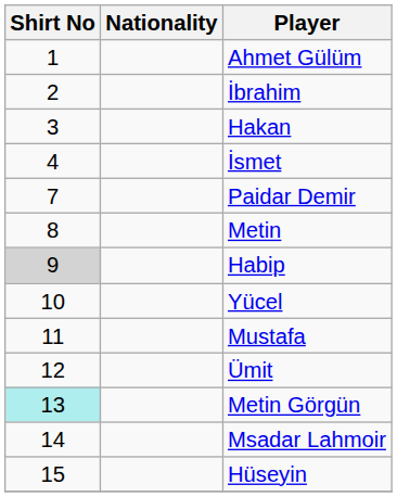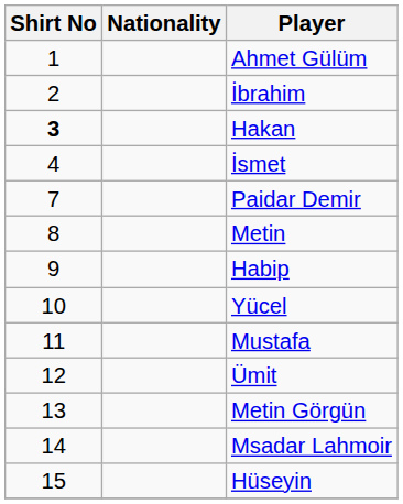 <table class=wikitable style="font-size:95%;">
 <tr>
 <th>Shirt No</th>
 <th>Nationality</th>
 <th>Player</th>
 </tr>
 <tr>
 <td align=center>1</td>
 <td></td>
 <td><a href='#'>Ahmet Gülüm</a></td>
 </tr>
 <tr>
 <td align=center>2</td>
 <td></td>
 <td><a href='#'>İbrahim</a></td>
 </tr>
 <tr>
-<td align=center>3</td>
+<td align=center><strong>3</strong></td>
 <td></td>
 <td><a href='#'>Hakan</a></td>
 </tr>
 <tr>
 <td align=center>4</td>
 <td></td>
 <td><a href='#'>İsmet</a></td>
 </tr>
 <tr>
 <td align=center>7</td>
 <td></td>
 <td><a href='#'>Paidar Demir</a></td>
 </tr>
 <tr>
 <td align=center>8</td>
 <td></td>
 <td><a href='#'>Metin</a></td>
 </tr>
 <tr>
-<td align=center style="background: lightgrey;">9</td>
+<td align=center>9</td>
 <td></td>
 <td><a href='#'>Habip</a></td>
 </tr>
 <tr>
 <td align=center>10</td>
 <td></td>
 <td><a href='#'>Yücel</a></td>
 </tr>
 <tr>
 <td align=center>11</td>
 <td></td>
 <td><a href='#'>Mustafa</a></td>
 </tr>
 <tr>
 <td align=center>12</td>
 <td></td>
 <td><a href='#'>Ümit</a></td>
 </tr>
 <tr>
-<td align=center style="background: paleturquoise;">13</td>
+<td align=center>13</td>
 <td></td>
 <td><a href='#'>Metin Görgün</a></td>
 </tr>
 <tr>
 <td align=center>14</td>
 <td></td>
 <td><a href='#'>Msadar Lahmoir</a></td>
 </tr>
 <tr>
 <td align=center>15</td>
 <td></td>
 <td><a href='#'>Hüseyin</a></td>
 </tr>
 <tr>
 </tr>
 </table>
